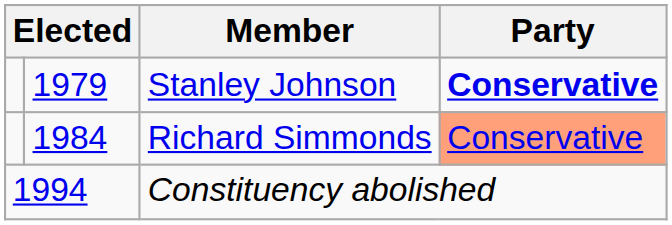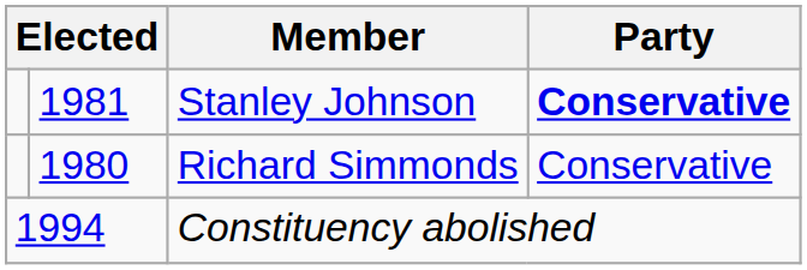 <table class="wikitable">
 <tr>
 <th colspan="2">Elected</th>
 <th>Member</th>
 <th>Party</th>
 </tr>
 <tr>
 <td style="background-color: "></td>
-<td><a href='#'>1979</a></td>
+<td><a href='#'>1981</a></td>
 <td><a href='#'>Stanley Johnson</a></td>
 <td><strong><a href='#'>Conservative</a></strong></td>
 </tr>
 <tr>
 <td style="background-color: "></td>
-<td><a href='#'>1984</a></td>
+<td><a href='#'>1980</a></td>
 <td><a href='#'>Richard Simmonds</a></td>
-<td style="background: lightsalmon;"><a href='#'>Conservative</a></td>
+<td><a href='#'>Conservative</a></td>
 </tr>
 <tr>
 <td colspan="2"><a href='#'>1994</a></td>
 <td colspan="2"><em>Constituency abolished</em></td>
 </tr>
 </table>
